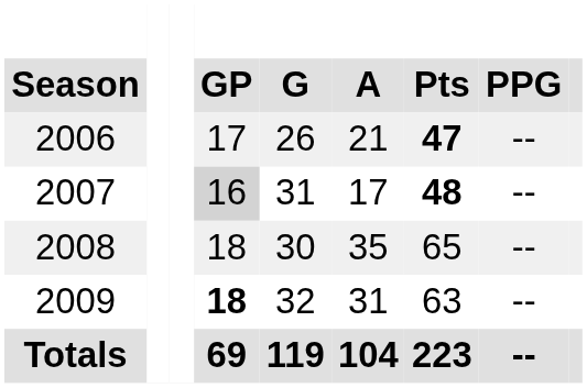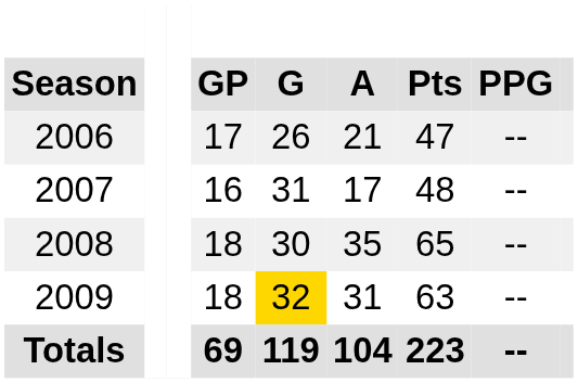 <table BORDER="0" CELLPADDING="3" CELLSPACING="0">
 <tr ALIGN="center" bgcolor="#e0e0e0">
 <th colspan="1" bgcolor="#ffffff"> </th>
 <th rowspan="99" bgcolor="#ffffff"> </th>
 <th rowspan="99" bgcolor="#ffffff"> </th>
 </tr>
 <tr ALIGN="center" bgcolor="#e0e0e0">
 <th>Season</th>
 <th>GP</th>
 <th>G</th>
 <th>A</th>
 <th>Pts</th>
 <th>PPG</th>
 <th></th>
 </tr>
 <tr ALIGN="center" bgcolor="#f0f0f0">
 <td>2006</td>
 <td>17</td>
 <td>26</td>
 <td>21</td>
-<td><strong>47</strong></td>
+<td>47</td>
 <td>--</td>
 <td></td>
 </tr>
 <tr ALIGN="center">
 <td>2007</td>
-<td style="background: lightgrey;">16</td>
+<td>16</td>
 <td>31</td>
 <td>17</td>
-<td><strong>48</strong></td>
+<td>48</td>
 <td>--</td>
 <td></td>
 </tr>
 <tr ALIGN="center" bgcolor="#f0f0f0">
 <td>2008</td>
 <td>18</td>
 <td>30</td>
 <td>35</td>
 <td>65</td>
 <td>--</td>
 <td></td>
 </tr>
 <tr ALIGN="center">
 <td>2009</td>
-<td><strong>18</strong></td>
-<td>32</td>
+<td>18</td>
+<td style="background: gold;">32</td>
 <td>31</td>
 <td>63</td>
 <td>--</td>
 <td></td>
 </tr>
 <tr ALIGN="center" bgcolor="#e0e0e0">
 <th colspan="1.5">Totals</th>
 <th>69</th>
 <th>119</th>
 <th>104</th>
 <th>223</th>
 <th>--</th>
 <th></th>
 </tr>
 </table>
